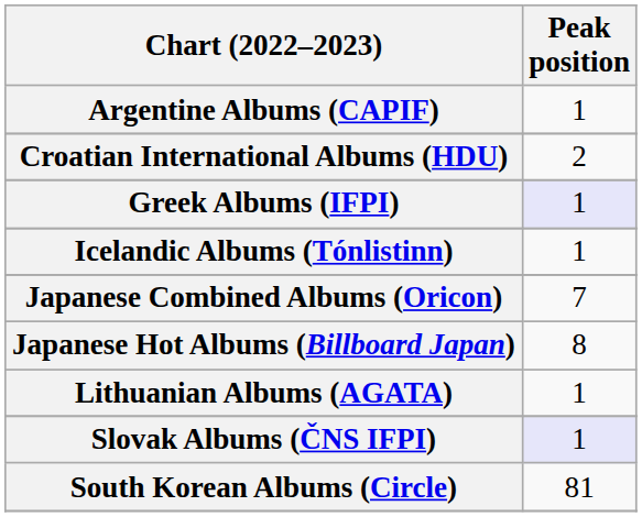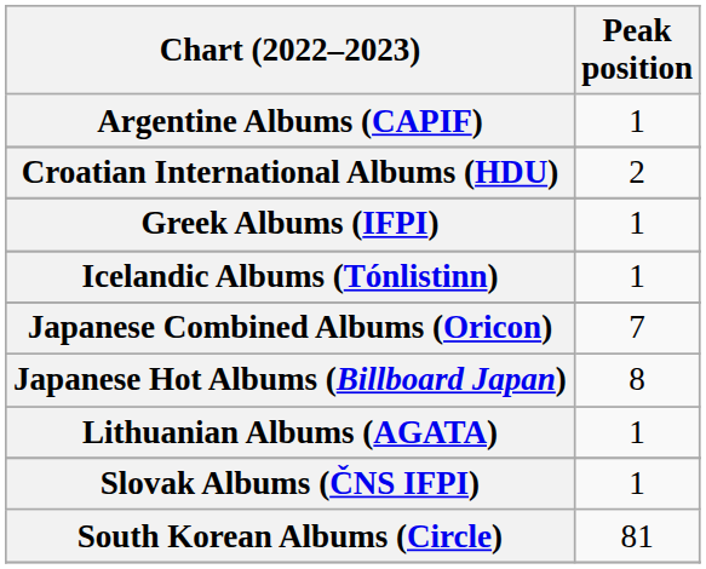 <table class="wikitable sortable plainrowheaders" style="text-align:center">
 <tr>
 <th scope="col">Chart (2022–2023)</th>
 <th scope="col">Peak<br>position</th>
 </tr>
 <tr>
 <th scope="row">Argentine Albums (<a href='#'>CAPIF</a>)</th>
 <td>1</td>
 </tr>
 <tr>
 </tr>
 <tr>
 </tr>
 <tr>
 </tr>
 <tr>
 </tr>
 <tr>
 </tr>
 <tr>
 <th scope="row">Croatian International Albums (<a href='#'>HDU</a>)</th>
 <td>2</td>
 </tr>
 <tr>
 </tr>
 <tr>
 </tr>
 <tr>
 </tr>
 <tr>
 </tr>
 <tr>
 </tr>
 <tr>
 </tr>
 <tr>
 <th scope="row">Greek Albums (<a href='#'>IFPI</a>)</th>
-<td style="background: lavender;">1</td>
+<td>1</td>
 </tr>
 <tr>
 </tr>
 <tr>
 <th scope="row">Icelandic Albums (<a href='#'>Tónlistinn</a>)</th>
 <td>1</td>
 </tr>
 <tr>
 </tr>
 <tr>
 </tr>
 <tr>
 </tr>
 <tr>
 <th scope="row">Japanese Combined Albums (<a href='#'>Oricon</a>)</th>
 <td>7</td>
 </tr>
 <tr>
 <th scope="row">Japanese Hot Albums (<em><a href='#'>Billboard Japan</a></em>)</th>
 <td>8</td>
 </tr>
 <tr>
 <th scope="row">Lithuanian Albums (<a href='#'>AGATA</a>)</th>
 <td>1</td>
 </tr>
 <tr>
 </tr>
 <tr>
 </tr>
 <tr>
 </tr>
 <tr>
 </tr>
 <tr>
 </tr>
 <tr>
 <th scope="row">Slovak Albums (<a href='#'>ČNS IFPI</a>)</th>
-<td style="background: lavender;">1</td>
+<td>1</td>
 </tr>
 <tr>
 <th scope="row">South Korean Albums (<a href='#'>Circle</a>)</th>
 <td>81</td>
 </tr>
 <tr>
 </tr>
 <tr>
 </tr>
 <tr>
 </tr>
 <tr>
 </tr>
 <tr>
 </tr>
 </table>
